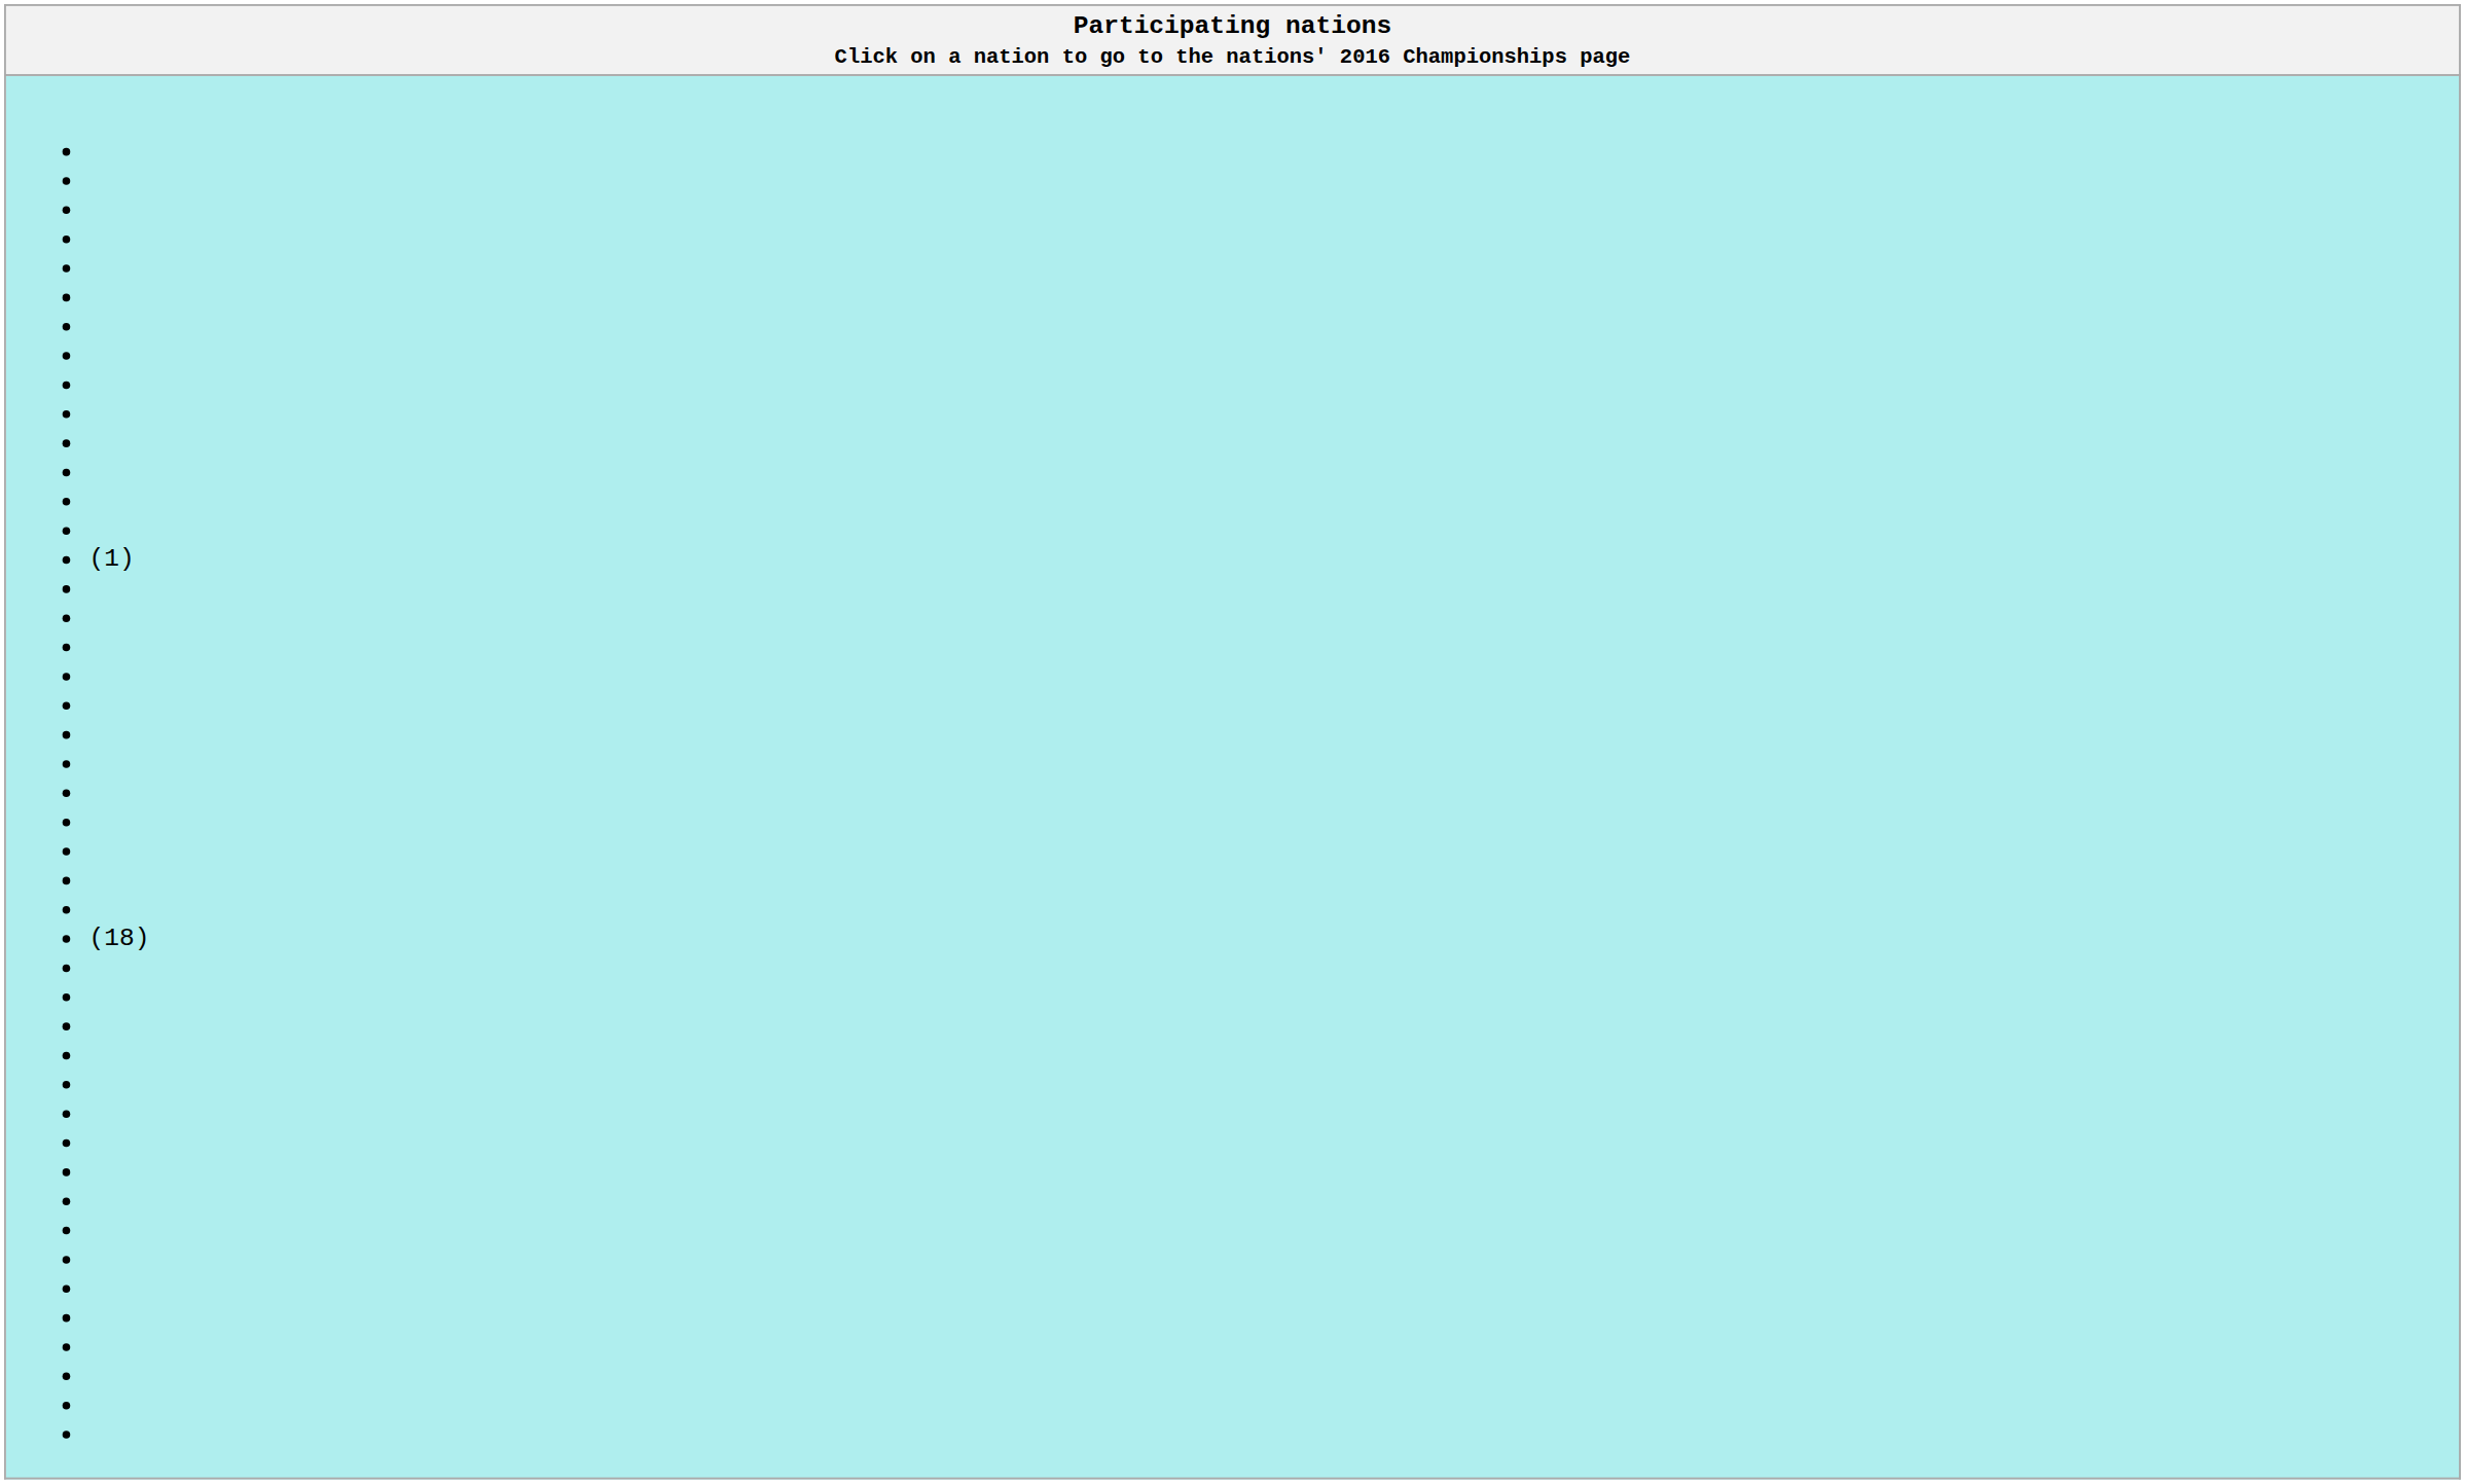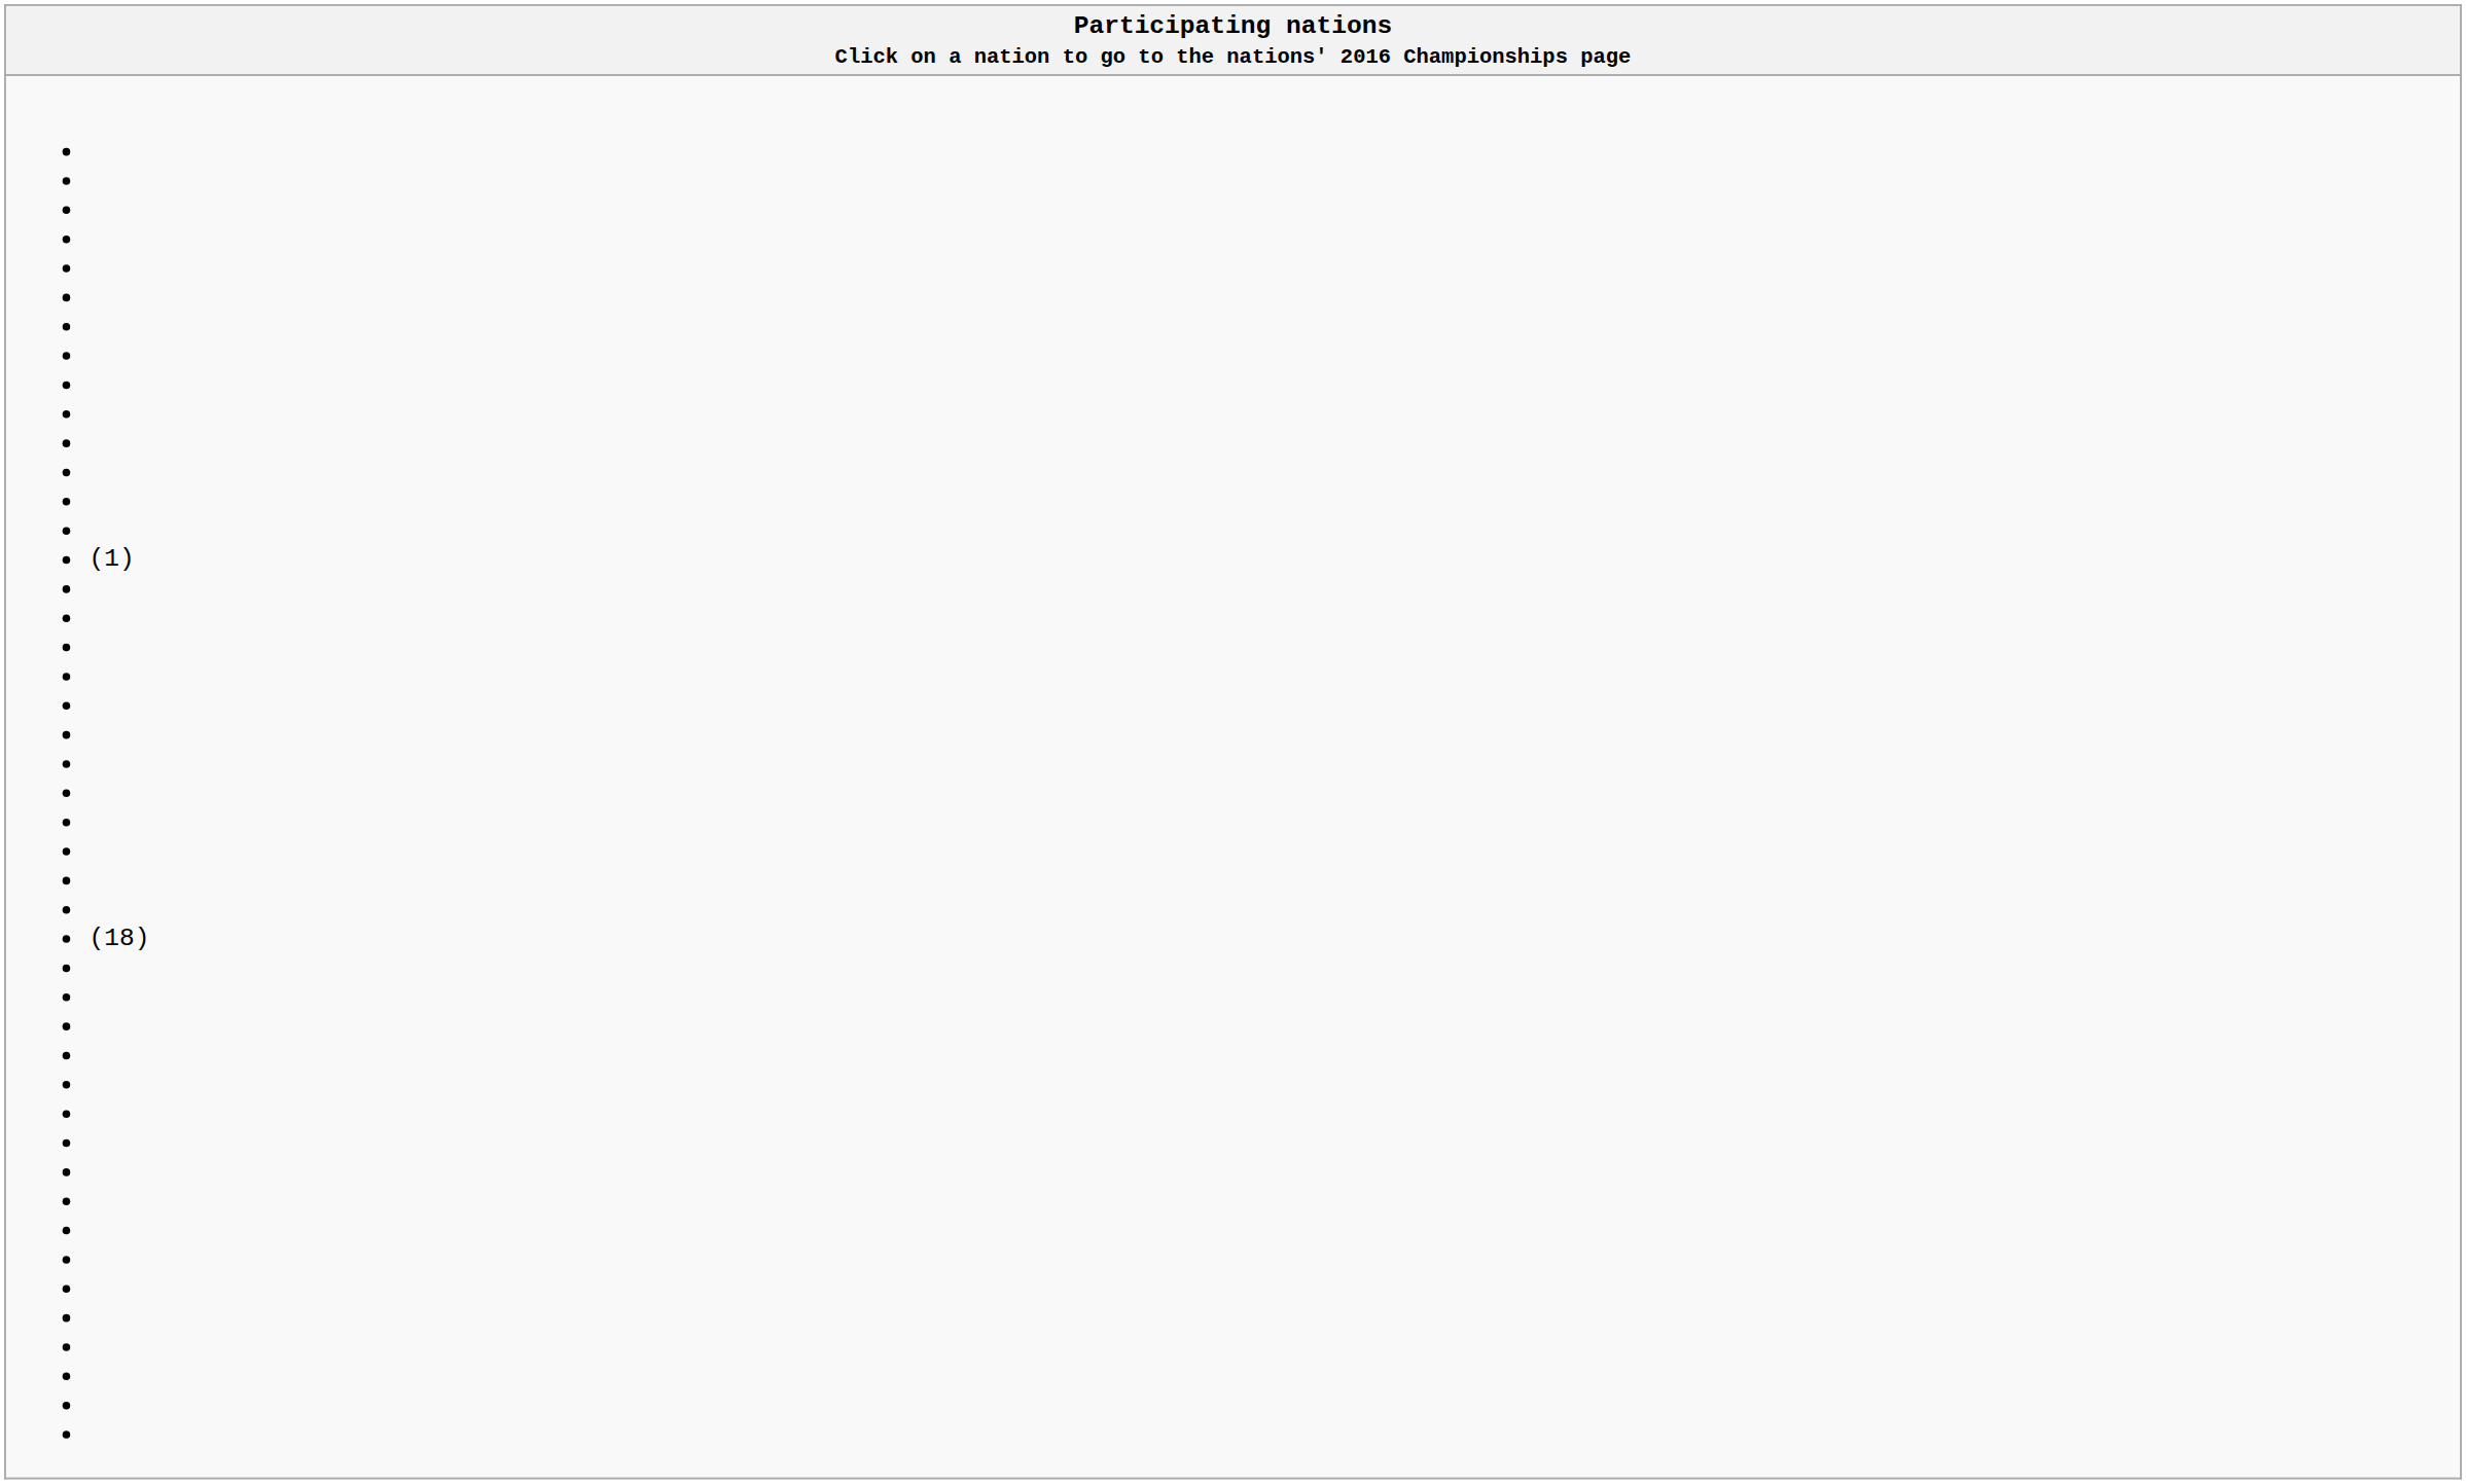 <table class="wikitable collapsible" style="width:100%;">
 <tr>
 <th>Participating nations<br><small>Click on a nation to go to the nations' 2016 Championships page</small></th>
 </tr>
 <tr>
-<td style="background: paleturquoise;"><br><ul><li></li><li></li><li></li><li></li><li></li><li></li><li></li><li></li><li></li><li></li><li></li><li></li><li></li><li></li><li> (1)</li><li></li><li></li><li></li><li></li><li></li><li></li><li></li><li></li><li></li><li></li><li></li><li></li><li> (18)</li><li></li><li></li><li></li><li></li><li></li><li></li><li></li><li></li><li></li><li></li><li></li><li></li><li></li><li></li><li></li><li></li><li></li></ul></td>
+<td><br><ul><li></li><li></li><li></li><li></li><li></li><li></li><li></li><li></li><li></li><li></li><li></li><li></li><li></li><li></li><li> (1)</li><li></li><li></li><li></li><li></li><li></li><li></li><li></li><li></li><li></li><li></li><li></li><li></li><li> (18)</li><li></li><li></li><li></li><li></li><li></li><li></li><li></li><li></li><li></li><li></li><li></li><li></li><li></li><li></li><li></li><li></li><li></li></ul></td>
 </tr>
 </table>
